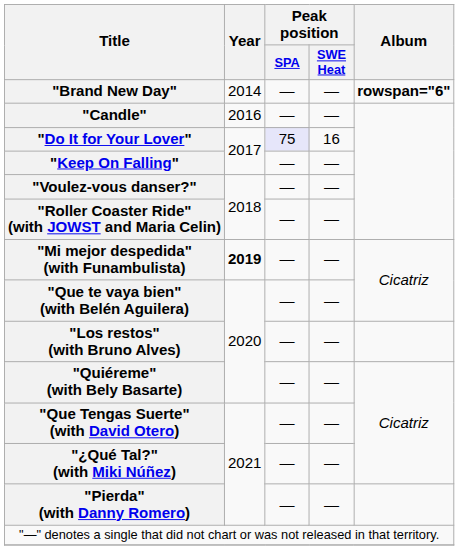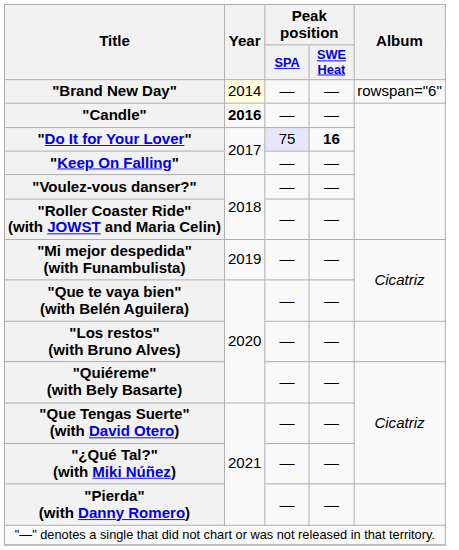 <table class="wikitable plainrowheaders" style="text-align:center;">
 <tr>
 <th scope="col" rowspan="2">Title</th>
 <th scope="col" rowspan="2">Year</th>
 <th scope="col" colspan="2">Peak position</th>
 <th scope="col" rowspan="2">Album</th>
 </tr>
 <tr>
 <th scope="col" style="width:3em;font-size:85%;"><a href='#'>SPA</a><br></th>
 <th scope="col" style="width:3em;font-size:85%;"><a href='#'>SWE<br>Heat</a><br></th>
 </tr>
 <tr>
 <th scope="row">"Brand New Day"</th>
-<td>2014</td>
+<td style="background: lightyellow;">2014</td>
 <td>—</td>
 <td>—</td>
-<td><strong>rowspan="6" </strong></td>
+<td>rowspan="6" </td>
 </tr>
 <tr>
 <th scope="row">"Candle"</th>
-<td>2016</td>
+<td><strong>2016</strong></td>
 <td>—</td>
 <td>—</td>
 </tr>
 <tr>
 <th scope="row">"<a href='#'>Do It for Your Lover</a>"</th>
 <td rowspan="2">2017</td>
 <td style="background: lavender;">75</td>
-<td>16</td>
+<td><strong>16</strong></td>
 </tr>
 <tr>
 <th scope="row">"<a href='#'>Keep On Falling</a>"</th>
 <td>—</td>
 <td>—</td>
 </tr>
 <tr>
 <th scope="row">"Voulez-vous danser?"</th>
 <td rowspan="2">2018</td>
 <td>—</td>
 <td>—</td>
 </tr>
 <tr>
 <th scope="row">"Roller Coaster Ride"<br><span>(with <a href='#'>JOWST</a> and Maria Celin)</span></th>
 <td>—</td>
 <td>—</td>
 </tr>
 <tr>
 <th scope="row">"Mi mejor despedida"<br><span>(with Funambulista)</span></th>
-<td><strong>2019</strong></td>
+<td>2019</td>
 <td>—</td>
 <td>—</td>
 <td rowspan="2"><em>Cicatriz</em></td>
 </tr>
 <tr>
 <th scope="row">"Que te vaya bien"<br><span>(with Belén Aguilera)</span></th>
 <td rowspan="3">2020</td>
 <td>—</td>
 <td>—</td>
 </tr>
 <tr>
 <th scope="row">"Los restos"<br><span>(with Bruno Alves)</span></th>
 <td>—</td>
 <td>—</td>
 <td></td>
 </tr>
 <tr>
 <th scope="row">"Quiéreme"<br><span>(with Bely Basarte)</span></th>
 <td>—</td>
 <td>—</td>
 <td rowspan="3"><em>Cicatriz</em></td>
 </tr>
 <tr>
 <th scope="row">"Que Tengas Suerte"<br><span>(with <a href='#'>David Otero</a>)</span></th>
 <td rowspan="3">2021</td>
 <td>—</td>
 <td>—</td>
 </tr>
 <tr>
 <th scope="row">"¿Qué Tal?"<br><span>(with <a href='#'>Miki Núñez</a>)</span></th>
 <td>—</td>
 <td>—</td>
 </tr>
 <tr>
 <th scope="row">"Pierda"<br><span>(with <a href='#'>Danny Romero</a>)</span></th>
 <td>—</td>
 <td>—</td>
 <td></td>
 </tr>
 <tr>
 <td colspan="20" style="font-size:85%">"—" denotes a single that did not chart or was not released in that territory.</td>
 </tr>
 <tr>
 </tr>
 </table>
